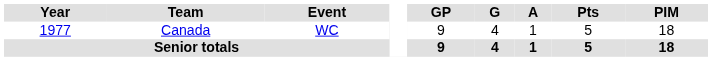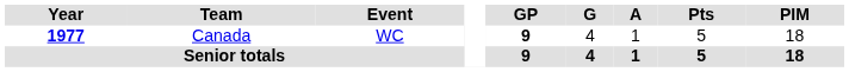 <table border="0" cellpadding="1" cellspacing="0" style="text-align:center; width:50em">
 <tr ALIGN="center" bgcolor="#e0e0e0">
 <th>Year</th>
 <th>Team</th>
 <th>Event</th>
 <th rowspan="99" bgcolor="#ffffff"> </th>
 <th>GP</th>
 <th>G</th>
 <th>A</th>
 <th>Pts</th>
 <th>PIM</th>
 </tr>
 <tr>
-<td><a href='#'>1977</a></td>
+<td><strong><a href='#'>1977</a></strong></td>
 <td><a href='#'>Canada</a></td>
 <td><a href='#'>WC</a></td>
-<td>9</td>
+<td><strong>9</strong></td>
 <td>4</td>
 <td>1</td>
 <td>5</td>
 <td>18</td>
 </tr>
 <tr bgcolor="#e0e0e0">
 <th colspan=3>Senior totals</th>
 <th>9</th>
 <th>4</th>
 <th>1</th>
 <th>5</th>
 <th>18</th>
 </tr>
 </table>
